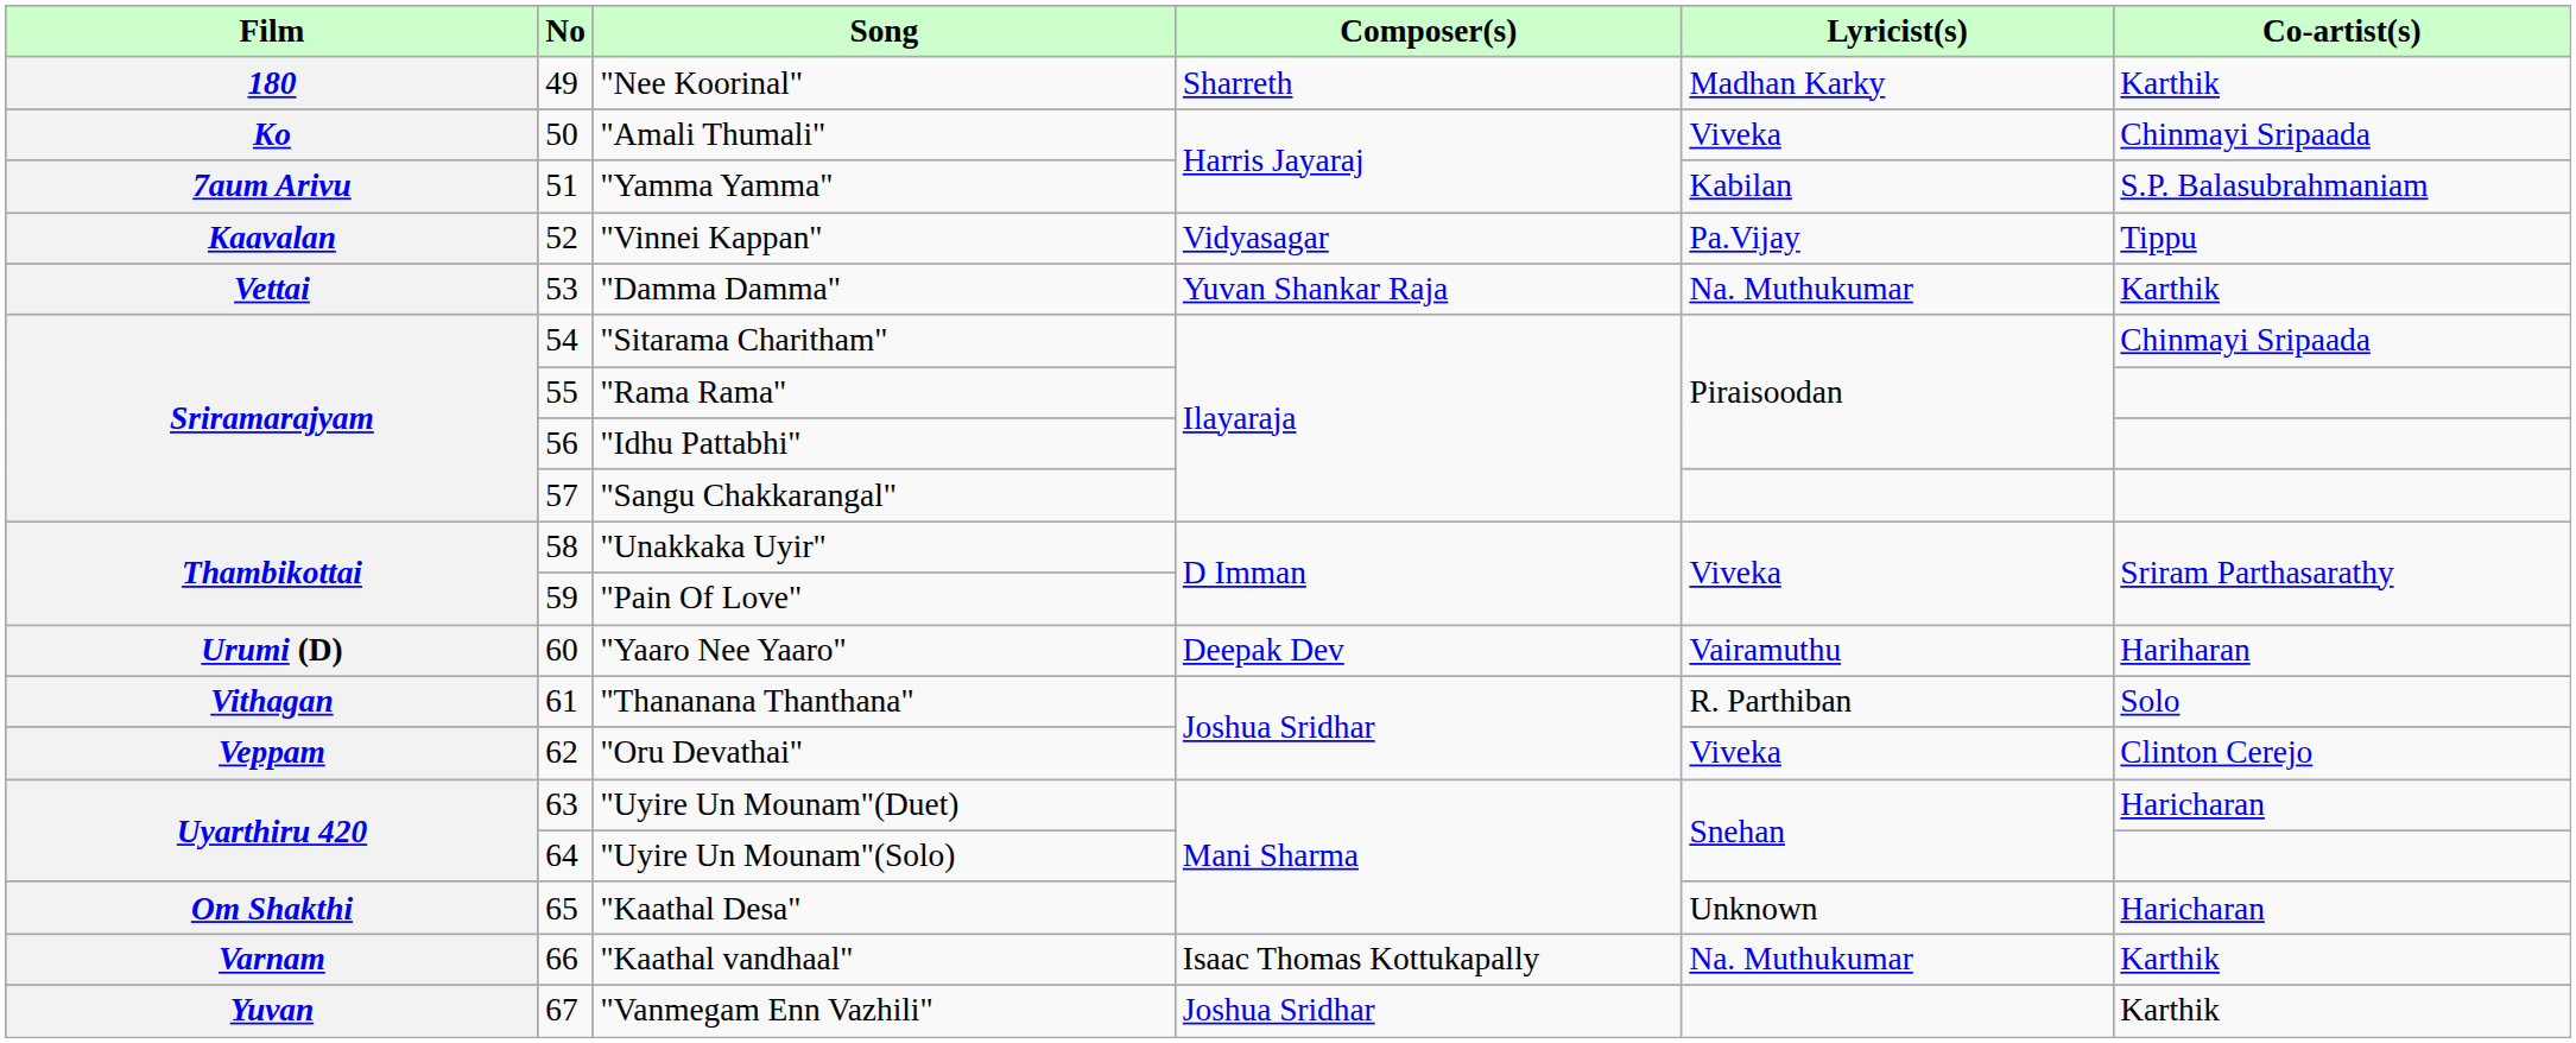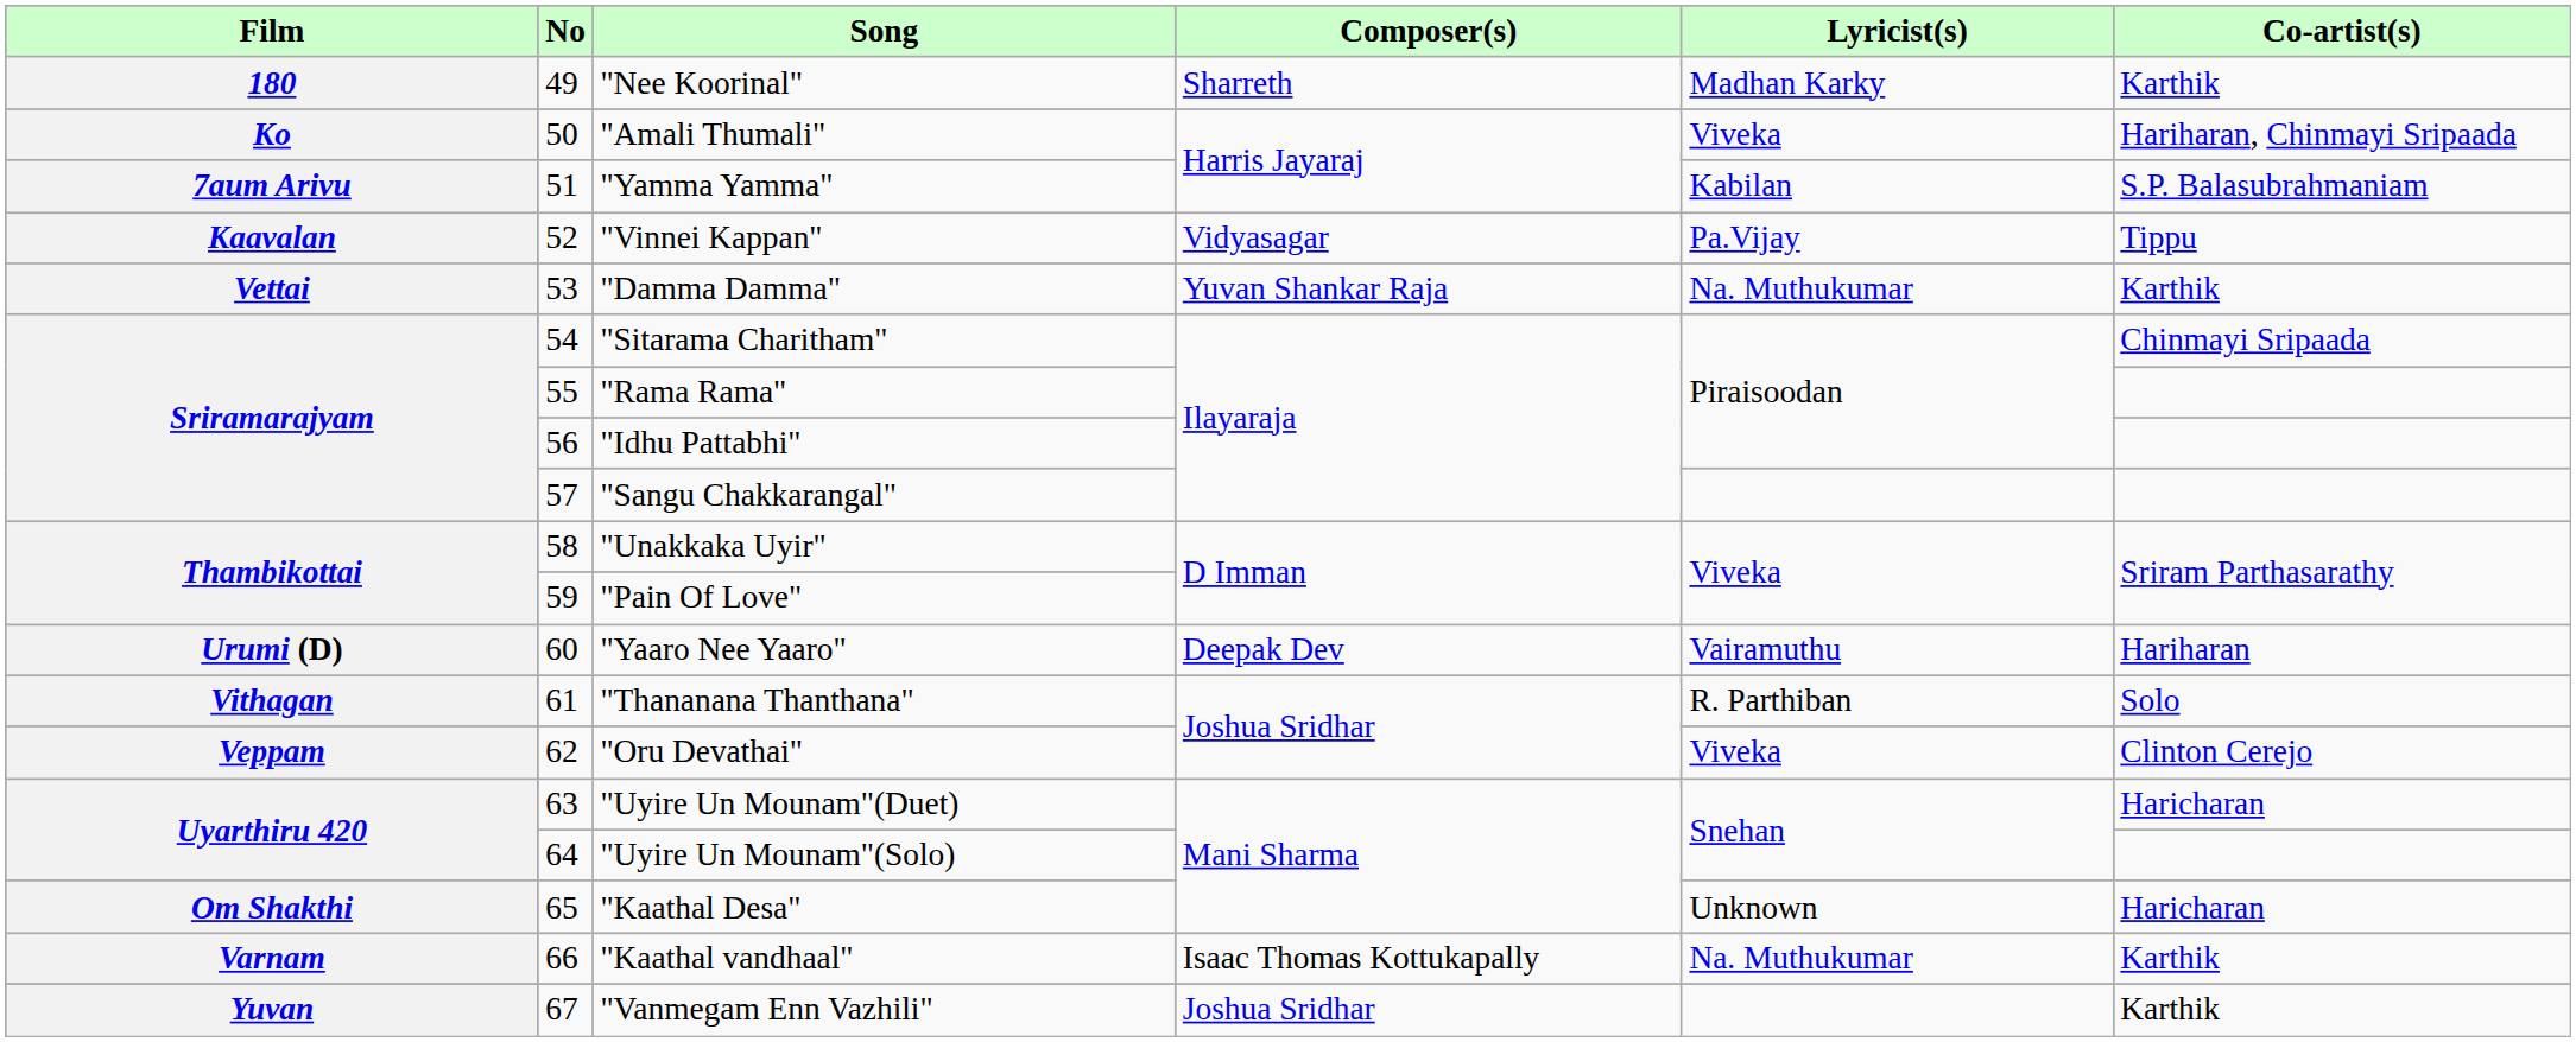 <table class="wikitable plainrowheaders" width="100%" textcolor:#000;">
 <tr style="background:#cfc; text-align:center;">
 <td scope="col" width=21%><strong>Film</strong></td>
 <td><strong>No</strong></td>
 <td scope="col" width=23%><strong>Song</strong></td>
 <td scope="col" width=20%><strong>Composer(s)</strong></td>
 <td scope="col" width=17%><strong>Lyricist(s)</strong></td>
 <td scope="col" width=18%><strong>Co-artist(s)</strong></td>
 </tr>
 <tr>
 <th><em><a href='#'>180</a></em></th>
 <td>49</td>
 <td>"Nee Koorinal"</td>
 <td><a href='#'>Sharreth</a></td>
 <td><a href='#'>Madhan Karky</a></td>
 <td><a href='#'>Karthik</a></td>
 </tr>
 <tr>
 <th><em><a href='#'>Ko</a></em></th>
 <td>50</td>
 <td>"Amali Thumali"</td>
 <td rowspan="2"><a href='#'>Harris Jayaraj</a></td>
 <td><a href='#'>Viveka</a></td>
-<td><a href='#'>Chinmayi Sripaada</a></td>
+<td><a href='#'>Hariharan</a>, <a href='#'>Chinmayi Sripaada</a></td>
 </tr>
 <tr>
 <th><em><a href='#'>7aum Arivu</a></em></th>
 <td>51</td>
 <td>"Yamma Yamma"</td>
 <td><a href='#'>Kabilan</a></td>
 <td><a href='#'>S.P. Balasubrahmaniam</a></td>
 </tr>
 <tr>
 <th><em><a href='#'>Kaavalan</a></em></th>
 <td>52</td>
 <td>"Vinnei Kappan"</td>
 <td><a href='#'>Vidyasagar</a></td>
 <td><a href='#'>Pa.Vijay</a></td>
 <td><a href='#'>Tippu</a></td>
 </tr>
 <tr>
 <th><em><a href='#'>Vettai</a></em></th>
 <td>53</td>
 <td>"Damma Damma"</td>
 <td><a href='#'>Yuvan Shankar Raja</a></td>
 <td><a href='#'>Na. Muthukumar</a></td>
 <td><a href='#'>Karthik</a></td>
 </tr>
 <tr>
 <th rowspan="4"><em><a href='#'>Sriramarajyam</a></em></th>
 <td>54</td>
 <td>"Sitarama Charitham"</td>
 <td rowspan="4"><a href='#'>Ilayaraja</a></td>
 <td rowspan="3">Piraisoodan</td>
 <td><a href='#'>Chinmayi Sripaada</a></td>
 </tr>
 <tr>
 <td>55</td>
 <td>"Rama Rama"</td>
 <td></td>
 </tr>
 <tr>
 <td>56</td>
 <td>"Idhu Pattabhi"</td>
 <td></td>
 </tr>
 <tr>
 <td>57</td>
 <td>"Sangu Chakkarangal"</td>
 <td></td>
 <td></td>
 </tr>
 <tr>
 <th rowspan="2"><em><a href='#'>Thambikottai</a></em></th>
 <td>58</td>
 <td>"Unakkaka Uyir"</td>
 <td rowspan="2'"><a href='#'>D Imman</a></td>
 <td rowspan="2"><a href='#'>Viveka</a></td>
 <td rowspan="2"><a href='#'>Sriram Parthasarathy</a></td>
 </tr>
 <tr>
 <td>59</td>
 <td>"Pain Of Love"</td>
 </tr>
 <tr>
 <th><em><a href='#'>Urumi</a></em> (D)</th>
 <td>60</td>
 <td>"Yaaro Nee Yaaro"</td>
 <td><a href='#'>Deepak Dev</a></td>
 <td><a href='#'>Vairamuthu</a></td>
 <td><a href='#'>Hariharan</a></td>
 </tr>
 <tr>
 <th><em><a href='#'>Vithagan</a></em></th>
 <td>61</td>
 <td>"Thananana Thanthana"</td>
 <td rowspan="2"><a href='#'>Joshua Sridhar</a></td>
 <td>R. Parthiban</td>
 <td><a href='#'>Solo</a></td>
 </tr>
 <tr>
 <th><em><a href='#'>Veppam</a></em></th>
 <td>62</td>
 <td>"Oru Devathai"</td>
 <td><a href='#'>Viveka</a></td>
 <td><a href='#'>Clinton Cerejo</a></td>
 </tr>
 <tr>
 <th rowspan="2"><em><a href='#'>Uyarthiru 420</a></em></th>
 <td>63</td>
 <td>"Uyire Un Mounam"(Duet)</td>
 <td rowspan="3"><a href='#'>Mani Sharma</a></td>
 <td rowspan="2"><a href='#'>Snehan</a></td>
 <td><a href='#'>Haricharan</a></td>
 </tr>
 <tr>
 <td>64</td>
 <td>"Uyire Un Mounam"(Solo)</td>
 <td></td>
 </tr>
 <tr>
 <th><em><a href='#'>Om Shakthi</a></em></th>
 <td>65</td>
 <td>"Kaathal Desa"</td>
 <td>Unknown</td>
 <td><a href='#'>Haricharan</a></td>
 </tr>
 <tr>
 <th><em><a href='#'>Varnam</a></em></th>
 <td>66</td>
 <td>"Kaathal vandhaal"</td>
 <td>Isaac Thomas Kottukapally</td>
 <td><a href='#'>Na. Muthukumar</a></td>
 <td><a href='#'>Karthik</a></td>
 </tr>
 <tr>
 <th><em><a href='#'>Yuvan</a></em></th>
 <td>67</td>
 <td>"Vanmegam Enn Vazhili"</td>
 <td><a href='#'>Joshua Sridhar</a></td>
 <td></td>
 <td>Karthik</td>
 </tr>
 </table>
